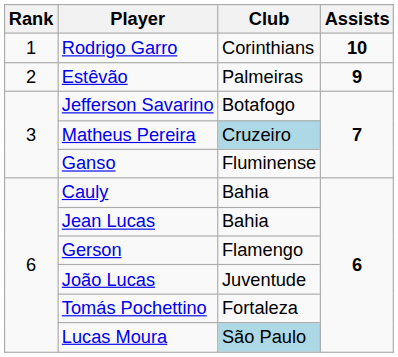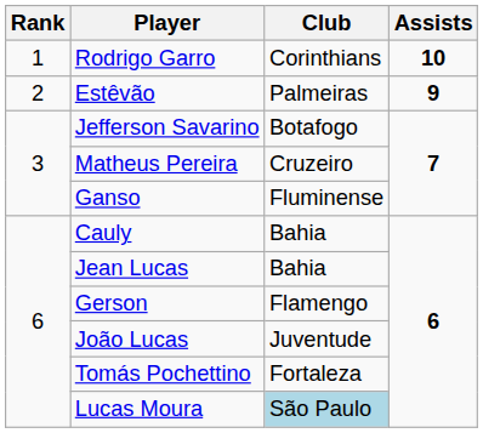 <table class="wikitable" style="text-align:center">
 <tr>
 <th>Rank</th>
 <th>Player</th>
 <th>Club</th>
 <th>Assists</th>
 </tr>
 <tr>
 <td>1</td>
 <td align="left"> <a href='#'>Rodrigo Garro</a></td>
 <td align="left">Corinthians</td>
 <td><strong>10</strong></td>
 </tr>
 <tr>
 <td>2</td>
 <td align="left"> <a href='#'>Estêvão</a></td>
 <td align="left">Palmeiras</td>
 <td><strong>9</strong></td>
 </tr>
 <tr>
 <td rowspan="3">3</td>
 <td align="left"> <a href='#'>Jefferson Savarino</a></td>
 <td align="left">Botafogo</td>
 <td rowspan="3"><strong>7</strong></td>
 </tr>
 <tr>
 <td align="left"> <a href='#'>Matheus Pereira</a></td>
-<td align="left" style="background: lightblue;">Cruzeiro</td>
+<td align="left">Cruzeiro</td>
 </tr>
 <tr>
 <td align="left"> <a href='#'>Ganso</a></td>
 <td align="left">Fluminense</td>
 </tr>
 <tr>
 <td rowspan="6">6</td>
 <td align="left"> <a href='#'>Cauly</a></td>
 <td align="left">Bahia</td>
 <td rowspan="6"><strong>6</strong></td>
 </tr>
 <tr>
 <td align="left"> <a href='#'>Jean Lucas</a></td>
 <td align="left">Bahia</td>
 </tr>
 <tr>
 <td align="left"> <a href='#'>Gerson</a></td>
 <td align="left">Flamengo</td>
 </tr>
 <tr>
 <td align="left"> <a href='#'>João Lucas</a></td>
 <td align="left">Juventude</td>
 </tr>
 <tr>
 <td align="left"> <a href='#'>Tomás Pochettino</a></td>
 <td align="left">Fortaleza</td>
 </tr>
 <tr>
 <td align="left"> <a href='#'>Lucas Moura</a></td>
 <td align="left" style="background: lightblue;">São Paulo</td>
 </tr>
 </table>
